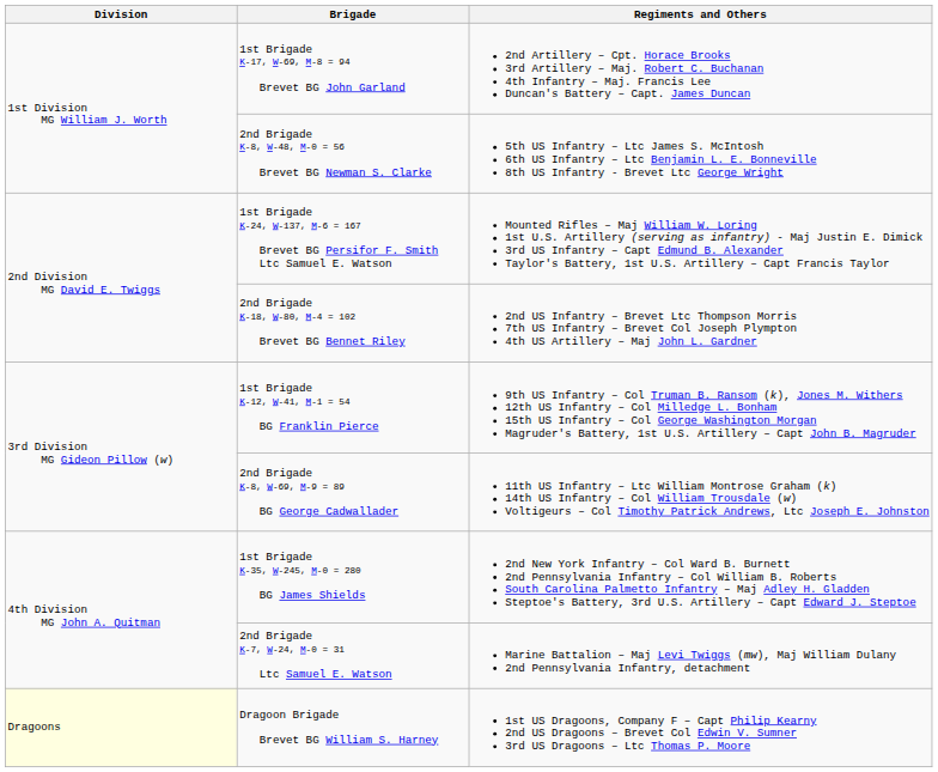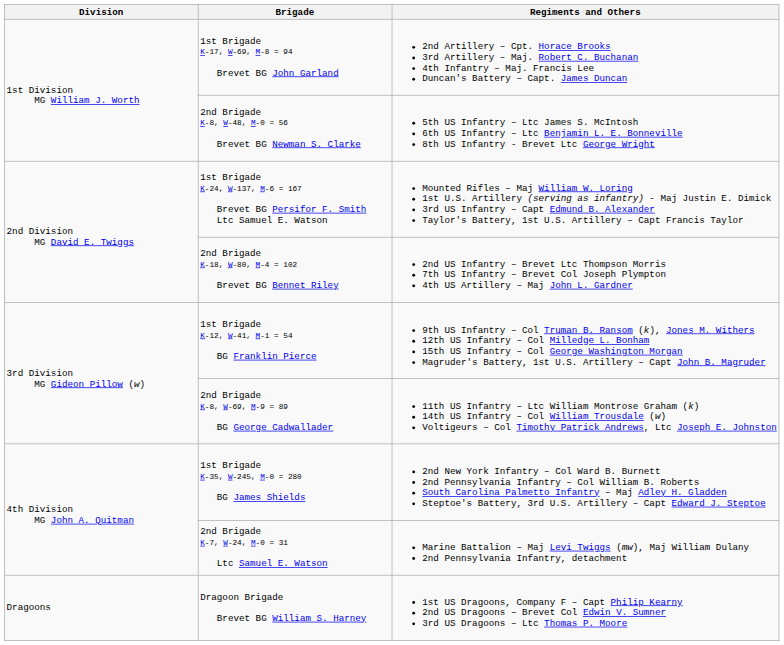 <table class="wikitable">
 <tr>
 <th width=25%>Division</th>
 <th width=25%>Brigade</th>
 <th>Regiments and Others</th>
 </tr>
 <tr>
 <td rowspan=2><br>1st Division <br>     MG <a href='#'>William J. Worth</a></td>
 <td>1st Brigade<br><small><a href='#'>K</a>-17, <a href='#'>W</a>-69, <a href='#'>M</a>-8 = 94</small><br><br>   Brevet BG <a href='#'>John Garland</a></td>
 <td><br><ul><li>2nd Artillery – Cpt. <a href='#'>Horace Brooks</a></li><li>3rd Artillery – Maj. <a href='#'>Robert C. Buchanan</a></li><li>4th Infantry – Maj. Francis Lee</li><li>Duncan's Battery – Capt. <a href='#'>James Duncan</a></li></ul></td>
 </tr>
 <tr>
 <td>2nd Brigade<br><small><a href='#'>K</a>-8, <a href='#'>W</a>-48, <a href='#'>M</a>-0 = 56</small><br><br>   Brevet BG <a href='#'>Newman S. Clarke</a></td>
 <td><br><ul><li>5th US Infantry – Ltc James S. McIntosh</li><li>6th US Infantry – Ltc <a href='#'>Benjamin L. E. Bonneville</a></li><li>8th US Infantry - Brevet Ltc <a href='#'>George Wright</a></li></ul></td>
 </tr>
 <tr>
 <td rowspan=2><br>2nd Division <br>     MG <a href='#'>David E. Twiggs</a></td>
 <td>1st Brigade<br><small><a href='#'>K</a>-24, <a href='#'>W</a>-137, <a href='#'>M</a>-6 = 167</small><br><br>   Brevet BG <a href='#'>Persifor F. Smith</a> <br>   Ltc Samuel E. Watson</td>
 <td><br><ul><li>Mounted Rifles – Maj <a href='#'>William W. Loring</a></li><li>1st U.S. Artillery <em>(serving as infantry)</em> - Maj Justin E. Dimick</li><li>3rd US Infantry – Capt <a href='#'>Edmund B. Alexander</a></li><li>Taylor's Battery, 1st U.S. Artillery – Capt Francis Taylor</li></ul></td>
 </tr>
 <tr>
 <td>2nd Brigade<br><small><a href='#'>K</a>-18, <a href='#'>W</a>-80, <a href='#'>M</a>-4 = 102</small><br><br>   Brevet BG <a href='#'>Bennet Riley</a></td>
 <td><br><ul><li>2nd US Infantry – Brevet Ltc Thompson Morris</li><li>7th US Infantry – Brevet Col Joseph Plympton</li><li>4th US Artillery – Maj <a href='#'>John L. Gardner</a></li></ul></td>
 </tr>
 <tr>
 <td rowspan=2><br>3rd Division <br>     MG <a href='#'>Gideon Pillow</a> (<em>w</em>)</td>
 <td>1st Brigade<br><small><a href='#'>K</a>-12, <a href='#'>W</a>-41, <a href='#'>M</a>-1 = 54</small><br><br>   BG <a href='#'>Franklin Pierce</a></td>
 <td><br><ul><li>9th US Infantry – Col <a href='#'>Truman B. Ransom</a> (<em>k</em>), <a href='#'>Jones M. Withers</a></li><li>12th US Infantry – Col <a href='#'>Milledge L. Bonham</a></li><li>15th US Infantry – Col <a href='#'>George Washington Morgan</a></li><li>Magruder's Battery, 1st U.S. Artillery – Capt <a href='#'>John B. Magruder</a></li></ul></td>
 </tr>
 <tr>
 <td>2nd Brigade<br><small><a href='#'>K</a>-8, <a href='#'>W</a>-69, <a href='#'>M</a>-9 = 89</small><br><br>   BG <a href='#'>George Cadwallader</a></td>
 <td><br><ul><li>11th US Infantry – Ltc William Montrose Graham (<em>k</em>)</li><li>14th US Infantry – Col <a href='#'>William Trousdale</a> (<em>w</em>)</li><li>Voltigeurs – Col <a href='#'>Timothy Patrick Andrews</a>, Ltc <a href='#'>Joseph E. Johnston</a></li></ul></td>
 </tr>
 <tr>
 <td rowspan=2><br>4th Division <br>     MG <a href='#'>John A. Quitman</a></td>
 <td>1st Brigade<br><small><a href='#'>K</a>-35, <a href='#'>W</a>-245, <a href='#'>M</a>-0 = 280</small><br><br>   BG <a href='#'>James Shields</a></td>
 <td><br><ul><li>2nd New York Infantry – Col Ward B. Burnett</li><li>2nd Pennsylvania Infantry – Col William B. Roberts</li><li><a href='#'>South Carolina Palmetto Infantry</a> – Maj <a href='#'>Adley H. Gladden</a></li><li>Steptoe's Battery, 3rd U.S. Artillery – Capt <a href='#'>Edward J. Steptoe</a></li></ul></td>
 </tr>
 <tr>
 <td>2nd Brigade<br><small><a href='#'>K</a>-7, <a href='#'>W</a>-24, <a href='#'>M</a>-0 = 31</small><br><br>   Ltc <a href='#'>Samuel E. Watson</a></td>
 <td><br><ul><li>Marine Battalion – Maj <a href='#'>Levi Twiggs</a> (<em>mw</em>), Maj William Dulany</li><li>2nd Pennsylvania Infantry, detachment</li></ul></td>
 </tr>
 <tr>
-<td rowspan=1 style="background: lightyellow;"><br>Dragoons <br>    </td>
+<td rowspan=1><br>Dragoons <br>    </td>
 <td>Dragoon Brigade<br><br>   Brevet BG <a href='#'>William S. Harney</a></td>
 <td><br><ul><li>1st US Dragoons, Company F – Capt <a href='#'>Philip Kearny</a></li><li>2nd US Dragoons – Brevet Col <a href='#'>Edwin V. Sumner</a></li><li>3rd US Dragoons – Ltc <a href='#'>Thomas P. Moore</a></li></ul></td>
 </tr>
 </table>
